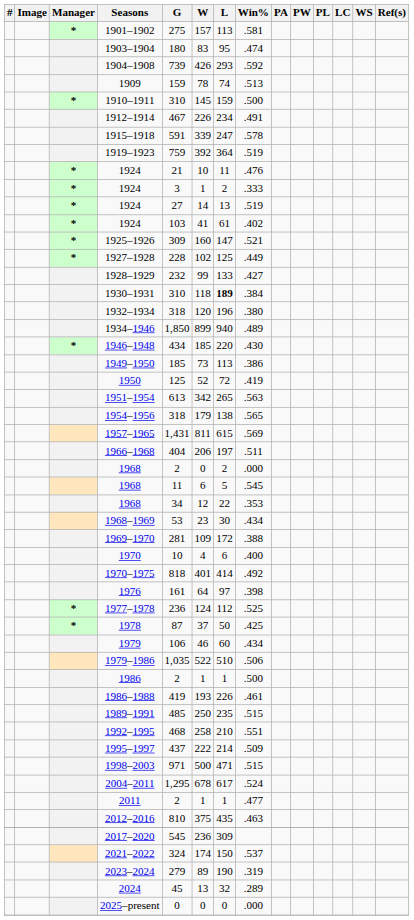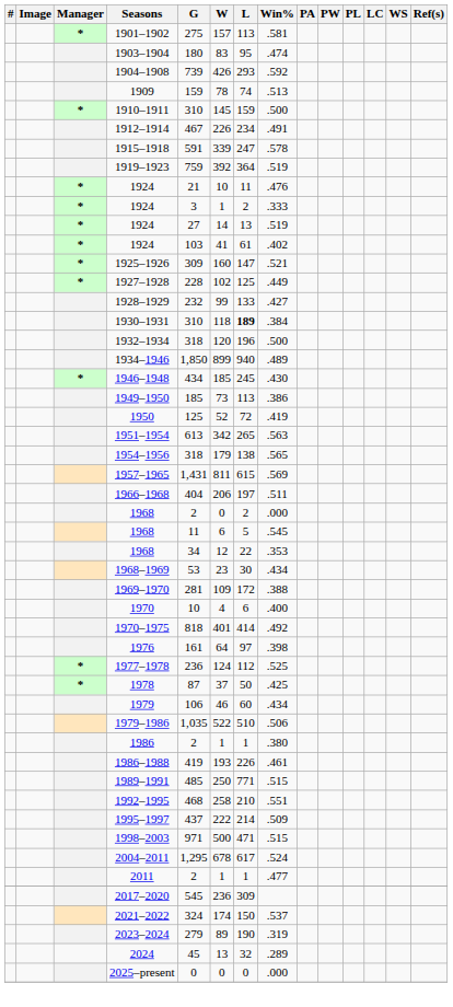 <table class="wikitable sortable plainrowheaders" style="text-align:center">
 <tr>
 <th scope="col">#</th>
 <th scope="col">Image</th>
 <th scope="col">Manager</th>
 <th scope="col">Seasons</th>
 <th scope="col">G</th>
 <th scope="col">W</th>
 <th scope="col">L</th>
 <th scope="col">Win%</th>
 <th scope="col">PA</th>
 <th scope="col">PW</th>
 <th scope="col">PL</th>
 <th scope="col">LC</th>
 <th scope="col">WS</th>
 <th scope="col" class="unsortable">Ref(s)</th>
 </tr>
 <tr>
 <td align="center"></td>
 <td></td>
 <th scope="row" style="background-color:#CCFFCC; text-align: center;">*</th>
 <td>1901–1902</td>
 <td>275</td>
 <td>157</td>
 <td>113</td>
 <td>.581</td>
 <td></td>
 <td></td>
 <td></td>
 <td></td>
 <td></td>
 <td></td>
 </tr>
 <tr>
 <td align="center"></td>
 <td></td>
 <th scope="row" style="text-align: center;"></th>
 <td>1903–1904</td>
 <td>180</td>
 <td>83</td>
 <td>95</td>
 <td>.474</td>
 <td></td>
 <td></td>
 <td></td>
 <td></td>
 <td></td>
 <td></td>
 </tr>
 <tr>
 <td align="center"></td>
 <td></td>
 <th scope="row" style="text-align: center;"></th>
 <td>1904–1908</td>
 <td>739</td>
 <td>426</td>
 <td>293</td>
 <td>.592</td>
 <td></td>
 <td></td>
 <td></td>
 <td></td>
 <td></td>
 <td></td>
 </tr>
 <tr>
 <td align="center"></td>
 <td></td>
 <th scope="row" style="text-align: center;"></th>
 <td>1909</td>
 <td>159</td>
 <td>78</td>
 <td>74</td>
 <td>.513</td>
 <td></td>
 <td></td>
 <td></td>
 <td></td>
 <td></td>
 <td></td>
 </tr>
 <tr>
 <td align="center"></td>
 <td></td>
 <th scope="row" style="background-color:#CCFFCC; text-align: center;">*</th>
 <td>1910–1911</td>
 <td>310</td>
 <td>145</td>
 <td>159</td>
 <td>.500</td>
 <td></td>
 <td></td>
 <td></td>
 <td></td>
 <td></td>
 <td></td>
 </tr>
 <tr>
 <td align="center"></td>
 <td></td>
 <th scope="row" style="text-align: center;"></th>
 <td>1912–1914</td>
 <td>467</td>
 <td>226</td>
 <td>234</td>
 <td>.491</td>
 <td></td>
 <td></td>
 <td></td>
 <td></td>
 <td></td>
 <td></td>
 </tr>
 <tr>
 <td align="center"></td>
 <td></td>
 <th scope="row" style="text-align: center;"></th>
 <td>1915–1918</td>
 <td>591</td>
 <td>339</td>
 <td>247</td>
 <td>.578</td>
 <td></td>
 <td></td>
 <td></td>
 <td></td>
 <td></td>
 <td></td>
 </tr>
 <tr>
 <td align="center"></td>
 <td></td>
 <th scope="row" style="text-align: center;"></th>
 <td>1919–1923</td>
 <td>759</td>
 <td>392</td>
 <td>364</td>
 <td>.519</td>
 <td></td>
 <td></td>
 <td></td>
 <td></td>
 <td></td>
 <td></td>
 </tr>
 <tr>
 <td align="center"></td>
 <td></td>
 <th scope="row" style="background-color:#CCFFCC; text-align: center;">*</th>
 <td>1924</td>
 <td>21</td>
 <td>10</td>
 <td>11</td>
 <td>.476</td>
 <td></td>
 <td></td>
 <td></td>
 <td></td>
 <td></td>
 <td></td>
 </tr>
 <tr>
 <td align="center"></td>
 <td></td>
 <th scope="row" style="background-color:#CCFFCC; text-align: center;">*</th>
 <td>1924</td>
 <td>3</td>
 <td>1</td>
 <td>2</td>
 <td>.333</td>
 <td></td>
 <td></td>
 <td></td>
 <td></td>
 <td></td>
 <td></td>
 </tr>
 <tr>
 <td align="center"></td>
 <td></td>
 <th scope="row" style="background-color:#CCFFCC; text-align: center;">*</th>
 <td>1924</td>
 <td>27</td>
 <td>14</td>
 <td>13</td>
 <td>.519</td>
 <td></td>
 <td></td>
 <td></td>
 <td></td>
 <td></td>
 <td></td>
 </tr>
 <tr>
 <td align="center"></td>
 <td></td>
 <th scope="row" style="background-color:#CCFFCC; text-align: center;">*</th>
 <td>1924</td>
 <td>103</td>
 <td>41</td>
 <td>61</td>
 <td>.402</td>
 <td></td>
 <td></td>
 <td></td>
 <td></td>
 <td></td>
 <td></td>
 </tr>
 <tr>
 <td align="center"></td>
 <td></td>
 <th scope="row" style="background-color:#CCFFCC; text-align: center;">*</th>
 <td>1925–1926</td>
 <td>309</td>
 <td>160</td>
 <td>147</td>
 <td>.521</td>
 <td></td>
 <td></td>
 <td></td>
 <td></td>
 <td></td>
 <td></td>
 </tr>
 <tr>
 <td align="center"></td>
 <td></td>
 <th scope="row" style="background-color:#CCFFCC; text-align: center;">*</th>
 <td>1927–1928</td>
 <td>228</td>
 <td>102</td>
 <td>125</td>
 <td>.449</td>
 <td></td>
 <td></td>
 <td></td>
 <td></td>
 <td></td>
 <td></td>
 </tr>
 <tr>
 <td align="center"></td>
 <td></td>
 <th scope="row" style="text-align: center;"></th>
 <td>1928–1929</td>
 <td>232</td>
 <td>99</td>
 <td>133</td>
 <td>.427</td>
 <td></td>
 <td></td>
 <td></td>
 <td></td>
 <td></td>
 <td></td>
 </tr>
 <tr>
 <td align="center"></td>
 <td></td>
 <th scope="row" style="text-align: center;"></th>
 <td>1930–1931</td>
 <td>310</td>
 <td>118</td>
 <td><strong>189</strong></td>
 <td>.384</td>
 <td></td>
 <td></td>
 <td></td>
 <td></td>
 <td></td>
 <td></td>
 </tr>
 <tr>
 <td align="center"></td>
 <td></td>
 <th scope="row" style="text-align: center;"></th>
 <td>1932–1934</td>
 <td>318</td>
 <td>120</td>
 <td>196</td>
-<td>.380</td>
+<td>.500</td>
 <td></td>
 <td></td>
 <td></td>
 <td></td>
 <td></td>
 <td></td>
 </tr>
 <tr>
 <td align="center"></td>
 <td></td>
 <th scope="row" style="text-align: center;"></th>
 <td>1934–<a href='#'>1946</a></td>
 <td>1,850</td>
 <td>899</td>
 <td>940</td>
 <td>.489</td>
 <td></td>
 <td></td>
 <td></td>
 <td></td>
 <td></td>
 <td></td>
 </tr>
 <tr>
 <td align="center"></td>
 <td></td>
 <th scope="row" style="background-color:#CCFFCC; text-align: center;">*</th>
 <td><a href='#'>1946</a>–<a href='#'>1948</a></td>
 <td>434</td>
 <td>185</td>
-<td>220</td>
+<td>245</td>
 <td>.430</td>
 <td></td>
 <td></td>
 <td></td>
 <td></td>
 <td></td>
 <td></td>
 </tr>
 <tr>
 <td align="center"></td>
 <td></td>
 <th scope="row" style="text-align: center;"></th>
 <td><a href='#'>1949</a>–<a href='#'>1950</a></td>
 <td>185</td>
 <td>73</td>
 <td>113</td>
 <td>.386</td>
 <td></td>
 <td></td>
 <td></td>
 <td></td>
 <td></td>
 <td></td>
 </tr>
 <tr>
 <td align="center"></td>
 <td></td>
 <th scope="row" style="text-align: center;"></th>
 <td><a href='#'>1950</a></td>
 <td>125</td>
 <td>52</td>
 <td>72</td>
 <td>.419</td>
 <td></td>
 <td></td>
 <td></td>
 <td></td>
 <td></td>
 <td></td>
 </tr>
 <tr>
 <td align="center"></td>
 <td></td>
 <th scope="row" style="text-align: center;"></th>
 <td><a href='#'>1951</a>–<a href='#'>1954</a></td>
 <td>613</td>
 <td>342</td>
 <td>265</td>
 <td>.563</td>
 <td></td>
 <td></td>
 <td></td>
 <td></td>
 <td></td>
 <td></td>
 </tr>
 <tr>
 <td align="center"></td>
 <td></td>
 <th scope="row" style="text-align: center;"></th>
 <td><a href='#'>1954</a>–<a href='#'>1956</a></td>
 <td>318</td>
 <td>179</td>
 <td>138</td>
 <td>.565</td>
 <td></td>
 <td></td>
 <td></td>
 <td></td>
 <td></td>
 <td></td>
 </tr>
 <tr>
 <td align="center"></td>
 <td></td>
 <th scope="row" style="background-color:#FFE6BD; text-align: center;"><sup></sup></th>
 <td><a href='#'>1957</a>–<a href='#'>1965</a></td>
 <td>1,431</td>
 <td>811</td>
 <td>615</td>
 <td>.569</td>
 <td></td>
 <td></td>
 <td></td>
 <td></td>
 <td></td>
 <td></td>
 </tr>
 <tr>
 <td align="center"></td>
 <td></td>
 <th scope="row" style="text-align: center;"></th>
 <td><a href='#'>1966</a>–<a href='#'>1968</a></td>
 <td>404</td>
 <td>206</td>
 <td>197</td>
 <td>.511</td>
 <td></td>
 <td></td>
 <td></td>
 <td></td>
 <td></td>
 <td></td>
 </tr>
 <tr>
 <td align="center"></td>
 <td></td>
 <th scope="row" style="text-align: center;"></th>
 <td><a href='#'>1968</a></td>
 <td>2</td>
 <td>0</td>
 <td>2</td>
 <td>.000</td>
 <td></td>
 <td></td>
 <td></td>
 <td></td>
 <td></td>
 <td></td>
 </tr>
 <tr>
 <td align="center"></td>
 <td></td>
 <th scope="row" style="background-color:#FFE6BD; text-align: center;"><sup></sup></th>
 <td><a href='#'>1968</a></td>
 <td>11</td>
 <td>6</td>
 <td>5</td>
 <td>.545</td>
 <td></td>
 <td></td>
 <td></td>
 <td></td>
 <td></td>
 <td></td>
 </tr>
 <tr>
 <td align="center"></td>
 <td></td>
 <th scope="row" style="text-align: center;"></th>
 <td><a href='#'>1968</a></td>
 <td>34</td>
 <td>12</td>
 <td>22</td>
 <td>.353</td>
 <td></td>
 <td></td>
 <td></td>
 <td></td>
 <td></td>
 <td></td>
 </tr>
 <tr>
 <td align="center"></td>
 <td></td>
 <th scope="row" style="background-color:#FFE6BD; text-align: center;"><sup></sup></th>
 <td><a href='#'>1968</a>–<a href='#'>1969</a></td>
 <td>53</td>
 <td>23</td>
 <td>30</td>
 <td>.434</td>
 <td></td>
 <td></td>
 <td></td>
 <td></td>
 <td></td>
 <td></td>
 </tr>
 <tr>
 <td align="center"></td>
 <td></td>
 <th scope="row" style="text-align: center;"></th>
 <td><a href='#'>1969</a>–<a href='#'>1970</a></td>
 <td>281</td>
 <td>109</td>
 <td>172</td>
 <td>.388</td>
 <td></td>
 <td></td>
 <td></td>
 <td></td>
 <td></td>
 <td></td>
 </tr>
 <tr>
 <td align="center"></td>
 <td></td>
 <th scope="row" style="text-align: center;"></th>
 <td><a href='#'>1970</a></td>
 <td>10</td>
 <td>4</td>
 <td>6</td>
 <td>.400</td>
 <td></td>
 <td></td>
 <td></td>
 <td></td>
 <td></td>
 <td></td>
 </tr>
 <tr>
 <td align="center"></td>
 <td></td>
 <th scope="row" style="text-align: center;"></th>
 <td><a href='#'>1970</a>–<a href='#'>1975</a></td>
 <td>818</td>
 <td>401</td>
 <td>414</td>
 <td>.492</td>
 <td></td>
 <td></td>
 <td></td>
 <td></td>
 <td></td>
 <td></td>
 </tr>
 <tr>
 <td align="center"></td>
 <td></td>
 <th scope="row" style="text-align: center;"></th>
 <td><a href='#'>1976</a></td>
 <td>161</td>
 <td>64</td>
 <td>97</td>
 <td>.398</td>
 <td></td>
 <td></td>
 <td></td>
 <td></td>
 <td></td>
 <td></td>
 </tr>
 <tr>
 <td align="center"></td>
 <td></td>
 <th scope="row" style="background-color:#CCFFCC; text-align: center;">*</th>
 <td><a href='#'>1977</a>–<a href='#'>1978</a></td>
 <td>236</td>
 <td>124</td>
 <td>112</td>
 <td>.525</td>
 <td></td>
 <td></td>
 <td></td>
 <td></td>
 <td></td>
 <td></td>
 </tr>
 <tr>
 <td align="center"></td>
 <td></td>
 <th scope="row" style="background-color:#CCFFCC; text-align: center;">*</th>
 <td><a href='#'>1978</a></td>
 <td>87</td>
 <td>37</td>
 <td>50</td>
 <td>.425</td>
 <td></td>
 <td></td>
 <td></td>
 <td></td>
 <td></td>
 <td></td>
 </tr>
 <tr>
 <td align="center"></td>
 <td></td>
 <th scope="row" style="text-align: center;"></th>
 <td><a href='#'>1979</a></td>
 <td>106</td>
 <td>46</td>
 <td>60</td>
 <td>.434</td>
 <td></td>
 <td></td>
 <td></td>
 <td></td>
 <td></td>
 <td></td>
 </tr>
 <tr>
 <td align="center"></td>
 <td></td>
 <th scope="row" style="background-color:#FFE6BD; text-align: center;"><sup></sup></th>
 <td><a href='#'>1979</a>–<a href='#'>1986</a></td>
 <td>1,035</td>
 <td>522</td>
 <td>510</td>
 <td>.506</td>
 <td></td>
 <td></td>
 <td></td>
 <td></td>
 <td></td>
 <td></td>
 </tr>
 <tr>
 <td align="center"></td>
 <td></td>
 <th scope="row" style="text-align: center;"></th>
 <td><a href='#'>1986</a></td>
 <td>2</td>
 <td>1</td>
 <td>1</td>
-<td>.500</td>
+<td>.380</td>
 <td></td>
 <td></td>
 <td></td>
 <td></td>
 <td></td>
 <td></td>
 </tr>
 <tr>
 <td align="center"></td>
 <td></td>
 <th scope="row" style="text-align: center;"></th>
 <td><a href='#'>1986</a>–<a href='#'>1988</a></td>
 <td>419</td>
 <td>193</td>
 <td>226</td>
 <td>.461</td>
 <td></td>
 <td></td>
 <td></td>
 <td></td>
 <td></td>
 <td></td>
 </tr>
 <tr>
 <td align="center"></td>
 <td></td>
 <th scope="row" style="text-align: center;"></th>
 <td><a href='#'>1989</a>–<a href='#'>1991</a></td>
 <td>485</td>
 <td>250</td>
-<td>235</td>
+<td>771</td>
 <td>.515</td>
 <td></td>
 <td></td>
 <td></td>
 <td></td>
 <td></td>
 <td></td>
 </tr>
 <tr>
 <td align="center"></td>
 <td></td>
 <th scope="row" style="text-align: center;"></th>
 <td><a href='#'>1992</a>–<a href='#'>1995</a></td>
 <td>468</td>
 <td>258</td>
 <td>210</td>
 <td>.551</td>
 <td></td>
 <td></td>
 <td></td>
 <td></td>
 <td></td>
 <td></td>
 </tr>
 <tr>
 <td align="center"></td>
 <td></td>
 <th scope="row" style="text-align: center;"></th>
 <td><a href='#'>1995</a>–<a href='#'>1997</a></td>
 <td>437</td>
 <td>222</td>
 <td>214</td>
 <td>.509</td>
 <td></td>
 <td></td>
 <td></td>
 <td></td>
 <td></td>
 <td></td>
 </tr>
 <tr>
 <td align="center"></td>
 <td></td>
 <th scope="row" style="text-align: center;"></th>
 <td><a href='#'>1998</a>–<a href='#'>2003</a></td>
 <td>971</td>
 <td>500</td>
 <td>471</td>
 <td>.515</td>
 <td></td>
 <td></td>
 <td></td>
 <td></td>
 <td></td>
 <td></td>
 </tr>
 <tr>
 <td align="center"></td>
 <td></td>
 <th scope="row" style="text-align:center;"></th>
 <td><a href='#'>2004</a>–<a href='#'>2011</a></td>
 <td>1,295</td>
 <td>678</td>
 <td>617</td>
 <td>.524</td>
 <td></td>
 <td></td>
 <td></td>
 <td></td>
 <td></td>
 <td></td>
 </tr>
 <tr>
 <td align="center"></td>
 <td></td>
 <th scope="row" style="text-align: center;"></th>
 <td><a href='#'>2011</a></td>
 <td>2</td>
 <td>1</td>
 <td>1</td>
 <td>.477</td>
-<td></td>
-<td></td>
-<td></td>
-<td></td>
-<td></td>
-<td></td>
-</tr>
-<tr>
-<td align="center"></td>
-<td></td>
-<th scope="row" style="text-align: center;"></th>
-<td><a href='#'>2012</a>–<a href='#'>2016</a></td>
-<td>810</td>
-<td>375</td>
-<td>435</td>
-<td>.463</td>
 <td></td>
 <td></td>
 <td></td>
 <td></td>
 <td></td>
 <td></td>
 </tr>
 <tr>
 </tr>
 <tr>
 <td align="center"></td>
 <td></td>
 <th scope="row" style="text-align: center;"></th>
 <td><a href='#'>2017</a>–<a href='#'>2020</a></td>
 <td>545</td>
 <td>236</td>
 <td>309</td>
 <td></td>
 <td></td>
 <td></td>
 <td></td>
 <td></td>
 <td></td>
 <td></td>
 </tr>
 <tr>
 <td align="center"></td>
 <td></td>
 <th scope="row" style="background-color:#FFE6BD; text-align: center;"><sup></sup></th>
 <td><a href='#'>2021</a>–<a href='#'>2022</a></td>
 <td>324</td>
 <td>174</td>
 <td>150</td>
 <td>.537</td>
 <td></td>
 <td></td>
 <td></td>
 <td></td>
 <td></td>
 <td></td>
 </tr>
 <tr>
 <td align="center"></td>
 <td></td>
 <th scope="row" style="text-align: center;"></th>
 <td><a href='#'>2023</a>–<a href='#'>2024</a></td>
 <td>279</td>
 <td>89</td>
 <td>190</td>
 <td>.319</td>
 <td></td>
 <td></td>
 <td></td>
 <td></td>
 <td></td>
 <td></td>
 </tr>
 <tr>
 <td align="center"></td>
 <td></td>
 <td></td>
 <td><a href='#'>2024</a></td>
 <td>45</td>
 <td>13</td>
 <td>32</td>
 <td>.289</td>
 <td></td>
 <td></td>
 <td></td>
 <td></td>
 <td></td>
 <td></td>
 </tr>
 <tr>
 <td align="center"></td>
 <td></td>
 <th></th>
 <td><a href='#'>2025</a>–present</td>
 <td>0</td>
 <td>0</td>
 <td>0</td>
 <td>.000</td>
 <td></td>
 <td></td>
 <td></td>
 <td></td>
 <td></td>
 <td></td>
 </tr>
 <tr>
 </tr>
 </table>
